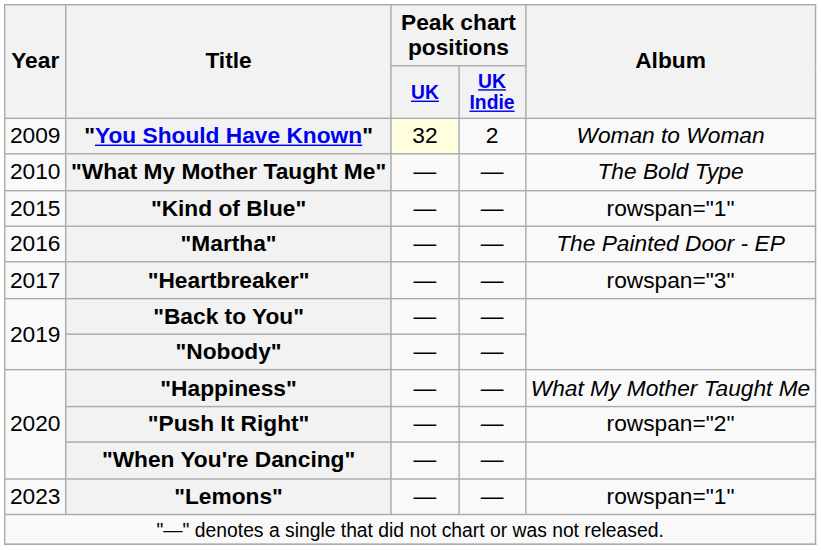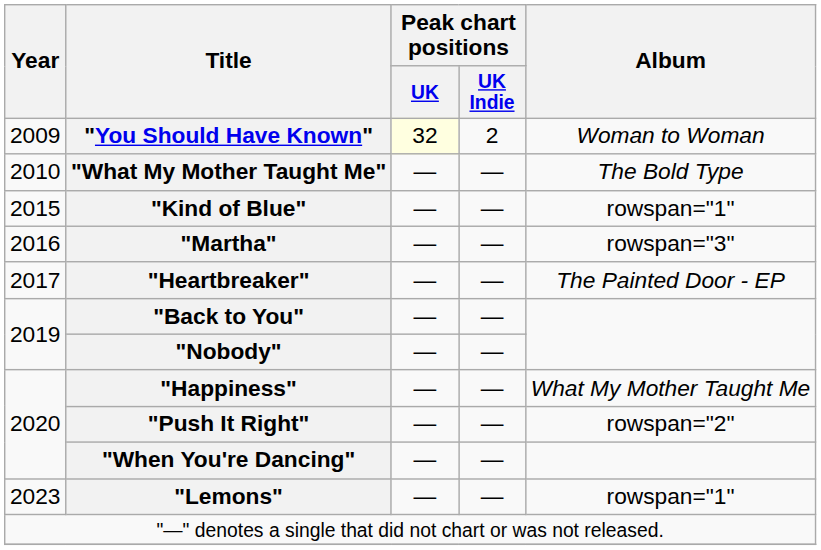 <table class="wikitable plainrowheaders" style="text-align:center;">
 <tr>
 <th scope="col" rowspan="2">Year</th>
 <th scope="col" rowspan="2">Title</th>
 <th scope="col" colspan="2">Peak chart positions</th>
 <th scope="col" rowspan="2">Album</th>
 </tr>
 <tr>
 <th scope="col" style="width:3em;font-size:85%;"><a href='#'>UK</a></th>
 <th scope="col" style="width:3em;font-size:85%;"><a href='#'>UK Indie</a></th>
 </tr>
 <tr>
 <td>2009</td>
 <th scope="row">"<a href='#'>You Should Have Known</a>"</th>
 <td style="background: lightyellow;">32</td>
 <td>2</td>
 <td><em>Woman to Woman</em></td>
 </tr>
 <tr>
 <td>2010</td>
 <th scope="row">"What My Mother Taught Me"</th>
 <td>—</td>
 <td>—</td>
 <td><em>The Bold Type</em></td>
 </tr>
 <tr>
 <td>2015</td>
 <th scope="row">"Kind of Blue"</th>
 <td>—</td>
 <td>—</td>
 <td>rowspan="1" </td>
 </tr>
 <tr>
 <td>2016</td>
 <th scope="row">"Martha"</th>
 <td>—</td>
 <td>—</td>
-<td><em>The Painted Door - EP</em></td>
+<td>rowspan="3" </td>
 </tr>
 <tr>
 <td>2017</td>
 <th scope="row">"Heartbreaker"<br></th>
 <td>—</td>
 <td>—</td>
-<td>rowspan="3" </td>
+<td><em>The Painted Door - EP</em></td>
 </tr>
 <tr>
 <td rowspan="2">2019</td>
 <th scope="row">"Back to You"<br></th>
 <td>—</td>
 <td>—</td>
 </tr>
 <tr>
 <th scope="row">"Nobody"</th>
 <td>—</td>
 <td>—</td>
 </tr>
 <tr>
 <td rowspan="3">2020</td>
 <th scope="row">"Happiness"</th>
 <td>—</td>
 <td>—</td>
 <td><em>What My Mother Taught Me</em></td>
 </tr>
 <tr>
 <th scope="row">"Push It Right"<br></th>
 <td>—</td>
 <td>—</td>
 <td>rowspan="2" </td>
 </tr>
 <tr>
 <th scope="row">"When You're Dancing"<br></th>
 <td>—</td>
 <td>—</td>
 </tr>
 <tr>
 <td rowspan="1">2023</td>
 <th scope="row">"Lemons"</th>
 <td>—</td>
 <td>—</td>
 <td>rowspan="1" </td>
 </tr>
 <tr>
 <td colspan="20" style="text-align:center; font-size:85%;">"—" denotes a single that did not chart or was not released.</td>
 </tr>
 <tr>
 </tr>
 </table>
